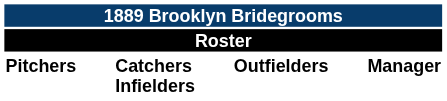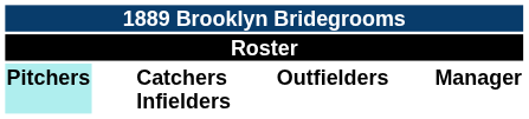 <table class="toccolours" style="font-size: 95%;">
 <tr>
 <th colspan="10" style="background-color: #083c6b; color: white; text-align: center;">1889 Brooklyn Bridegrooms</th>
 </tr>
 <tr>
 <td colspan="10" style="background-color: black; color: white; text-align: center;"><strong>Roster</strong></td>
 </tr>
 <tr>
-<td valign="top"><strong>Pitchers</strong><br>   </td>
+<td valign="top" style="background: paleturquoise;"><strong>Pitchers</strong><br>   </td>
 <td width="25px"></td>
 <td valign="top"><strong>Catchers</strong><br>    <strong>Infielders</strong>    </td>
 <td width="25px"></td>
 <td valign="top"><strong>Outfielders</strong><br>  </td>
 <td width="25px"></td>
 <td valign="top"><strong>Manager</strong><br></td>
 </tr>
 </table>
